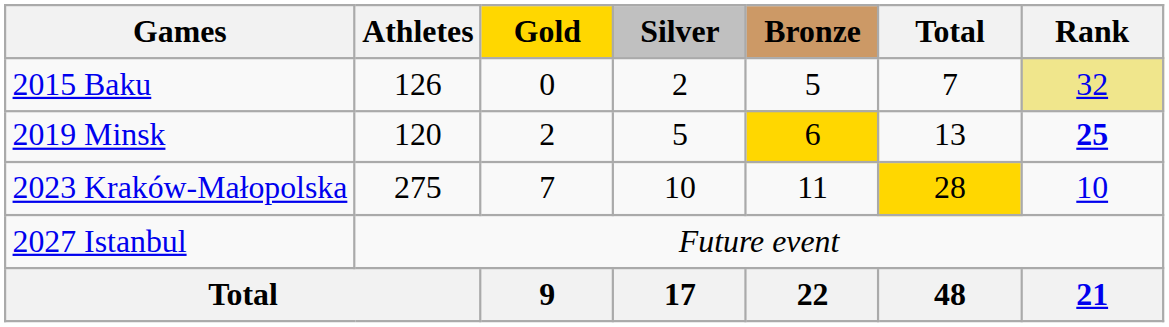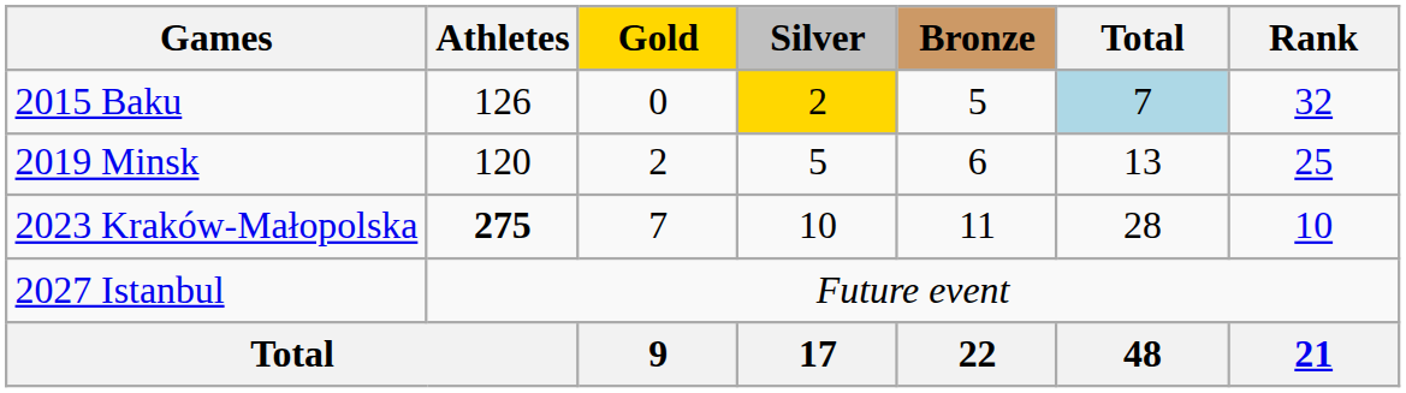 <table class="wikitable" style="text-align:center; font-size:90%;">
 <tr>
 <th>Games</th>
 <th>Athletes</th>
 <td style="background:gold; width:3.7em; font-weight:bold;">Gold</td>
 <td style="background:silver; width:3.7em; font-weight:bold;">Silver</td>
 <td style="background:#cc9966; width:3.7em; font-weight:bold;">Bronze</td>
 <th style="width:4em; font-weight:bold;">Total</th>
 <th style="width:4em; font-weight:bold;">Rank</th>
 </tr>
 <tr>
 <td align=left> <a href='#'>2015 Baku</a></td>
 <td>126</td>
 <td>0</td>
-<td>2</td>
+<td style="background: gold;">2</td>
 <td>5</td>
-<td>7</td>
-<td style="background: khaki;"><a href='#'>32</a></td>
+<td style="background: lightblue;">7</td>
+<td><a href='#'>32</a></td>
 </tr>
 <tr>
 <td align=left> <a href='#'>2019 Minsk</a></td>
 <td>120</td>
 <td>2</td>
 <td>5</td>
-<td style="background: gold;">6</td>
+<td>6</td>
 <td>13</td>
-<td><strong><a href='#'>25</a></strong></td>
+<td><a href='#'>25</a></td>
 </tr>
 <tr>
 <td> <a href='#'>2023 Kraków-Małopolska</a></td>
-<td>275</td>
+<td><strong>275</strong></td>
 <td>7</td>
 <td>10</td>
 <td>11</td>
-<td style="background: gold;">28</td>
+<td>28</td>
 <td><a href='#'>10</a></td>
 </tr>
 <tr>
 <td align=left> <a href='#'>2027 Istanbul</a></td>
 <td colspan=6><em>Future event</em></td>
 </tr>
 <tr>
 <th colspan="2">Total</th>
 <th>9</th>
 <th>17</th>
 <th>22</th>
 <th>48</th>
 <th><a href='#'>21</a></th>
 </tr>
 </table>
